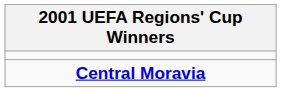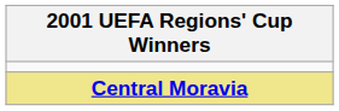 <table class="wikitable" style="text-align: center; margin: 0 auto; width: 20%">
 <tr>
 <th>2001 UEFA Regions' Cup<br>Winners</th>
 </tr>
 <tr>
 <td> </td>
 </tr>
 <tr>
-<td><strong><a href='#'>Central Moravia</a></strong></td>
+<td style="background: khaki;"><strong><a href='#'>Central Moravia</a></strong></td>
 </tr>
 </table>
